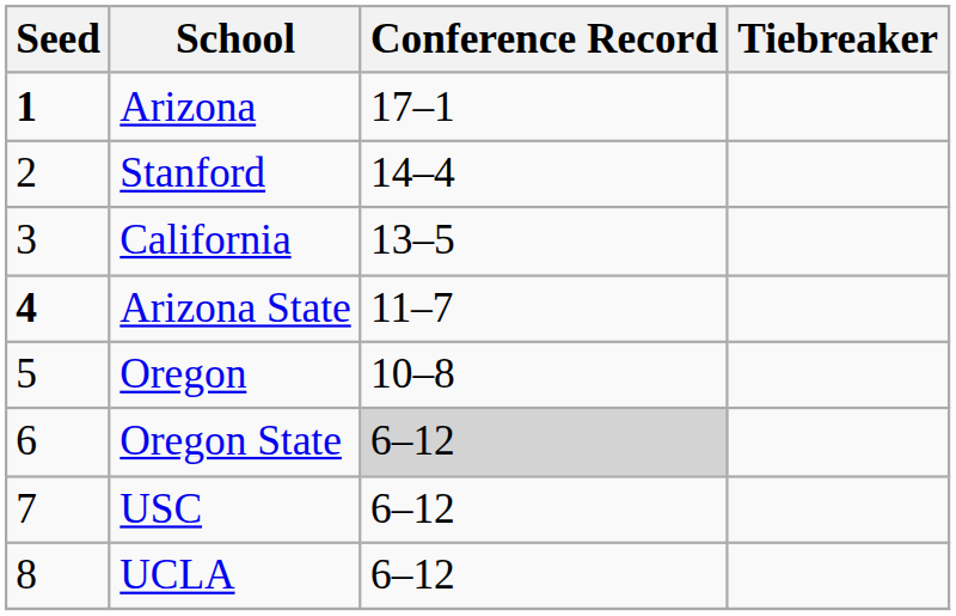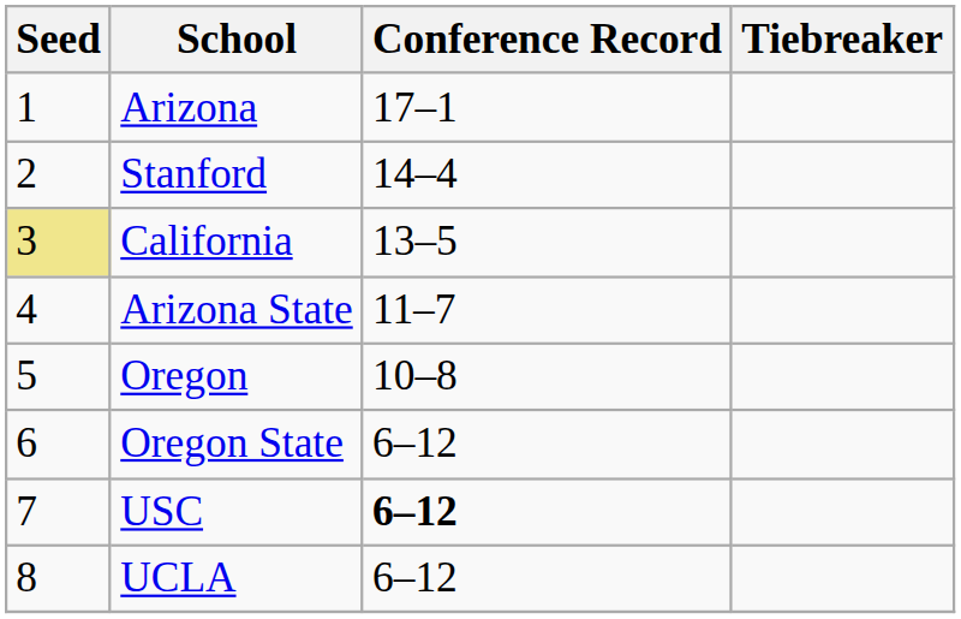 <table class="wikitable">
 <tr>
 <th>Seed</th>
 <th>School</th>
 <th>Conference Record</th>
 <th>Tiebreaker</th>
 </tr>
 <tr>
-<td><strong>1</strong></td>
+<td>1</td>
 <td><a href='#'>Arizona</a></td>
 <td>17–1</td>
 <td></td>
 </tr>
 <tr>
 <td>2</td>
 <td><a href='#'>Stanford</a></td>
 <td>14–4</td>
 <td></td>
 </tr>
 <tr>
-<td>3</td>
+<td style="background: khaki;">3</td>
 <td><a href='#'>California</a></td>
 <td>13–5</td>
 <td></td>
 </tr>
 <tr>
-<td><strong>4</strong></td>
+<td>4</td>
 <td><a href='#'>Arizona State</a></td>
 <td>11–7</td>
 <td></td>
 </tr>
 <tr>
 <td>5</td>
 <td><a href='#'>Oregon</a></td>
 <td>10–8</td>
 <td></td>
 </tr>
 <tr>
 <td>6</td>
 <td><a href='#'>Oregon State</a></td>
-<td style="background: lightgrey;">6–12</td>
+<td>6–12</td>
 <td></td>
 </tr>
 <tr>
 <td>7</td>
 <td><a href='#'>USC</a></td>
-<td>6–12</td>
+<td><strong>6–12</strong></td>
 <td></td>
 </tr>
 <tr>
 <td>8</td>
 <td><a href='#'>UCLA</a></td>
 <td>6–12</td>
 <td></td>
 </tr>
 <tr>
 </tr>
 </table>
